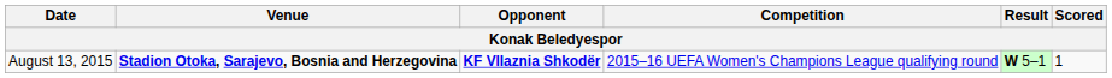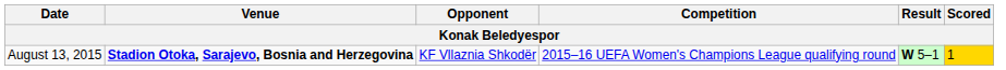 <table class=wikitable>
 <tr>
 <th>Date</th>
 <th>Venue</th>
 <th>Opponent</th>
 <th>Competition</th>
 <th>Result</th>
 <th>Scored</th>
 </tr>
 <tr>
 <th colspan=6>Konak Beledyespor</th>
 </tr>
 <tr>
 <td>August 13, 2015</td>
 <td><strong><a href='#'>Stadion Otoka</a>, <a href='#'>Sarajevo</a>, Bosnia and Herzegovina</strong></td>
-<td><strong> <a href='#'>KF Vllaznia Shkodër</a></strong></td>
+<td> <a href='#'>KF Vllaznia Shkodër</a></td>
 <td><a href='#'>2015–16 UEFA Women's Champions League qualifying round</a></td>
 <td bgcolor=ccffcc><strong>W</strong> 5–1</td>
-<td>1</td>
+<td style="background: gold;">1</td>
 </tr>
 </table>
